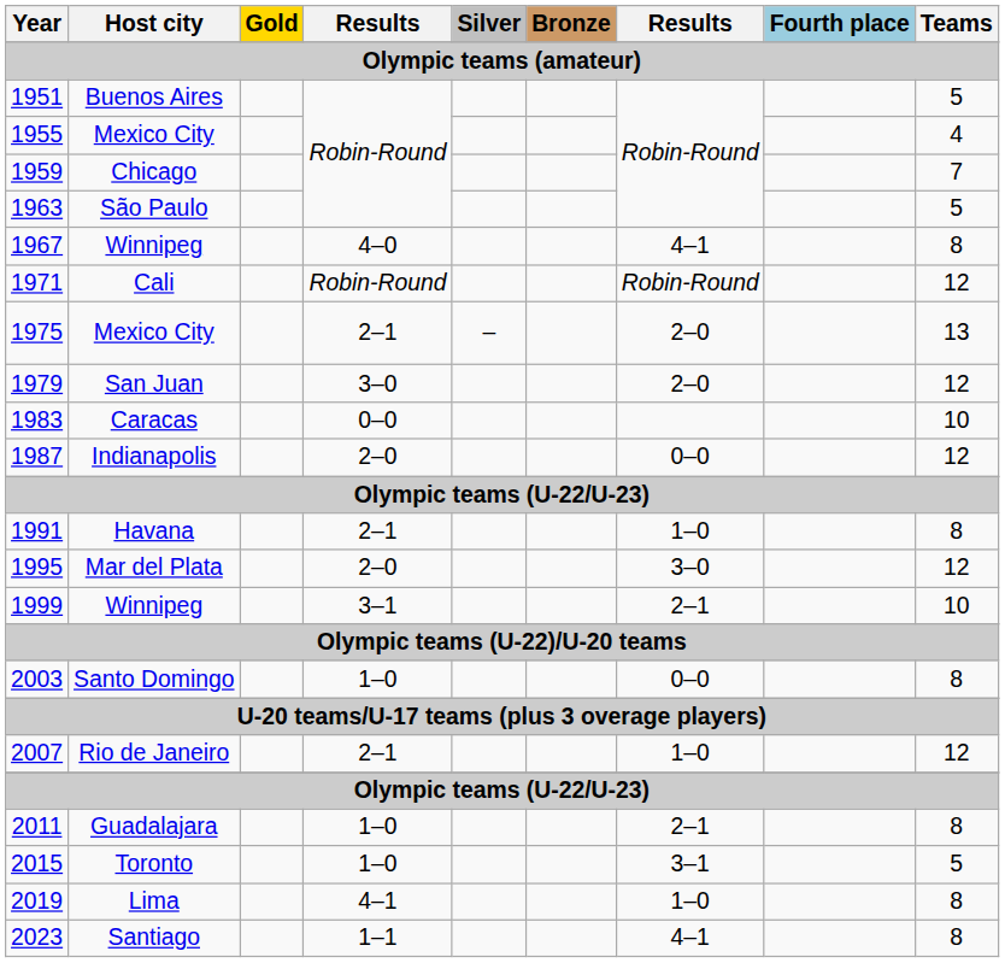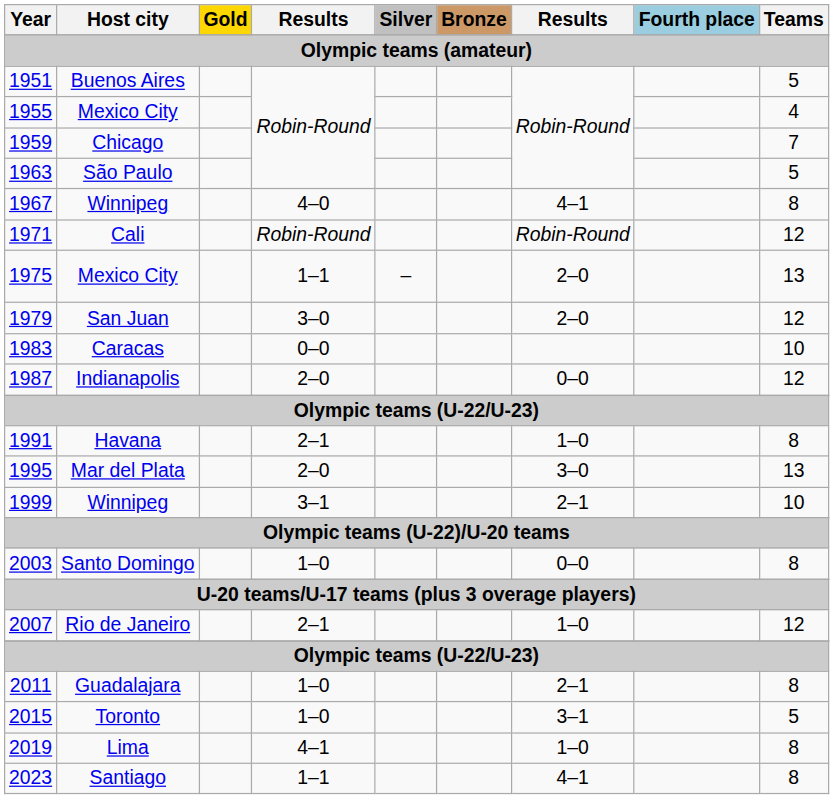 <table class="wikitable" style="text-align: center;">
 <tr>
 <th>Year</th>
 <th>Host city</th>
 <th style="background:gold;">Gold</th>
 <th>Results</th>
 <th style="background:silver;">Silver</th>
 <th style="background:#c96">Bronze</th>
 <th>Results</th>
 <th style="background:#9acddf">Fourth place</th>
 <th>Teams</th>
 </tr>
 <tr>
 </tr>
 <tr bgcolor=#cccccc align=center>
 <td colspan=10><strong>Olympic teams (amateur)</strong></td>
 </tr>
 <tr>
 <td><a href='#'>1951</a></td>
 <td> <a href='#'>Buenos Aires</a></td>
 <td><strong></strong></td>
 <td rowspan=4><em>Robin-Round</em></td>
 <td></td>
 <td></td>
 <td rowspan=4><em>Robin-Round</em></td>
 <td></td>
 <td>5</td>
 </tr>
 <tr>
 <td><a href='#'>1955</a></td>
 <td> <a href='#'>Mexico City</a></td>
 <td><strong></strong></td>
 <td></td>
 <td></td>
 <td></td>
 <td>4</td>
 </tr>
 <tr>
 <td><a href='#'>1959</a></td>
 <td> <a href='#'>Chicago</a></td>
 <td><strong></strong></td>
 <td></td>
 <td></td>
 <td></td>
 <td>7</td>
 </tr>
 <tr>
 <td><a href='#'>1963</a></td>
 <td> <a href='#'>São Paulo</a></td>
 <td><strong></strong></td>
 <td></td>
 <td></td>
 <td></td>
 <td>5</td>
 </tr>
 <tr>
 <td><a href='#'>1967</a></td>
 <td> <a href='#'>Winnipeg</a></td>
 <td><strong></strong></td>
 <td>4–0<br><small></small></td>
 <td></td>
 <td></td>
 <td>4–1</td>
 <td></td>
 <td>8</td>
 </tr>
 <tr>
 <td><a href='#'>1971</a></td>
 <td> <a href='#'>Cali</a></td>
 <td><strong></strong></td>
 <td><em>Robin-Round</em></td>
 <td></td>
 <td></td>
 <td><em>Robin-Round</em></td>
 <td></td>
 <td>12</td>
 </tr>
 <tr>
 <td><a href='#'>1975</a></td>
 <td> <a href='#'>Mexico City</a></td>
 <td><strong></strong><br><strong></strong><br></td>
-<td>2–1</td>
+<td>1–1<br><small></small></td>
 <td>–</td>
 <td></td>
 <td>2–0</td>
 <td></td>
 <td>13</td>
 </tr>
 <tr>
 <td><a href='#'>1979</a></td>
 <td> <a href='#'>San Juan</a></td>
 <td><strong></strong></td>
 <td>3–0</td>
 <td></td>
 <td></td>
 <td>2–0</td>
 <td></td>
 <td>12</td>
 </tr>
 <tr>
 <td><a href='#'>1983</a></td>
 <td> <a href='#'>Caracas</a></td>
 <td><strong></strong></td>
 <td>0–0<br><small></small></td>
 <td></td>
 <td></td>
 <td></td>
 <td></td>
 <td>10</td>
 </tr>
 <tr>
 <td><a href='#'>1987</a></td>
 <td> <a href='#'>Indianapolis</a></td>
 <td><strong></strong></td>
 <td>2–0<br><small></small></td>
 <td></td>
 <td></td>
 <td>0–0<br><small></small></td>
 <td></td>
 <td>12</td>
 </tr>
 <tr>
 </tr>
 <tr bgcolor=#cccccc align=center>
 <td colspan=10><strong>Olympic teams (U-22/U-23)</strong></td>
 </tr>
 <tr>
 <td><a href='#'>1991</a></td>
 <td> <a href='#'>Havana</a></td>
 <td><strong></strong></td>
 <td>2–1<br><small></small></td>
 <td></td>
 <td></td>
 <td>1–0</td>
 <td></td>
 <td>8</td>
 </tr>
 <tr>
 <td><a href='#'>1995</a></td>
 <td> <a href='#'>Mar del Plata</a></td>
 <td><strong></strong></td>
 <td>2–0<br><small></small></td>
 <td></td>
 <td></td>
 <td>3–0</td>
 <td></td>
-<td>12</td>
+<td>13</td>
 </tr>
 <tr>
 <td><a href='#'>1999</a></td>
 <td> <a href='#'>Winnipeg</a></td>
 <td><strong></strong></td>
 <td>3–1</td>
 <td></td>
 <td></td>
 <td>2–1</td>
 <td></td>
 <td>10</td>
 </tr>
 <tr>
 </tr>
 <tr bgcolor=#cccccc align=center>
 <td colspan=10><strong>Olympic teams (U-22)/U-20 teams</strong></td>
 </tr>
 <tr>
 <td><a href='#'>2003</a></td>
 <td> <a href='#'>Santo Domingo</a></td>
 <td><strong></strong></td>
 <td>1–0</td>
 <td></td>
 <td></td>
 <td>0–0<br><small></small></td>
 <td></td>
 <td>8</td>
 </tr>
 <tr>
 </tr>
 <tr bgcolor=#cccccc align=center>
 <td colspan=10><strong>U-20 teams/U-17 teams (plus 3 overage players)</strong></td>
 </tr>
 <tr>
 <td><a href='#'>2007</a></td>
 <td> <a href='#'>Rio de Janeiro</a></td>
 <td><strong></strong></td>
 <td>2–1</td>
 <td></td>
 <td></td>
 <td>1–0</td>
 <td></td>
 <td>12</td>
 </tr>
 <tr>
 </tr>
 <tr bgcolor=#cccccc align=center>
 <td colspan=10><strong>Olympic teams (U-22/U-23)</strong></td>
 </tr>
 <tr>
 <td><a href='#'>2011</a></td>
 <td> <a href='#'>Guadalajara</a></td>
 <td><strong></strong></td>
 <td>1–0</td>
 <td></td>
 <td></td>
 <td>2–1</td>
 <td></td>
 <td>8</td>
 </tr>
 <tr>
 <td><a href='#'>2015</a></td>
 <td> <a href='#'>Toronto</a></td>
 <td><strong></strong></td>
 <td>1–0</td>
 <td></td>
 <td></td>
 <td>3–1<br><small></small></td>
 <td></td>
 <td>5</td>
 </tr>
 <tr>
 <td><a href='#'>2019</a></td>
 <td> <a href='#'>Lima</a></td>
 <td><strong></strong></td>
 <td>4–1</td>
 <td></td>
 <td></td>
 <td>1–0</td>
 <td></td>
 <td>8</td>
 </tr>
 <tr>
 <td><a href='#'>2023</a></td>
 <td> <a href='#'>Santiago</a></td>
 <td><strong></strong></td>
 <td>1–1<br><small></small></td>
 <td></td>
 <td></td>
 <td>4–1</td>
 <td></td>
 <td>8</td>
 </tr>
 </table>
